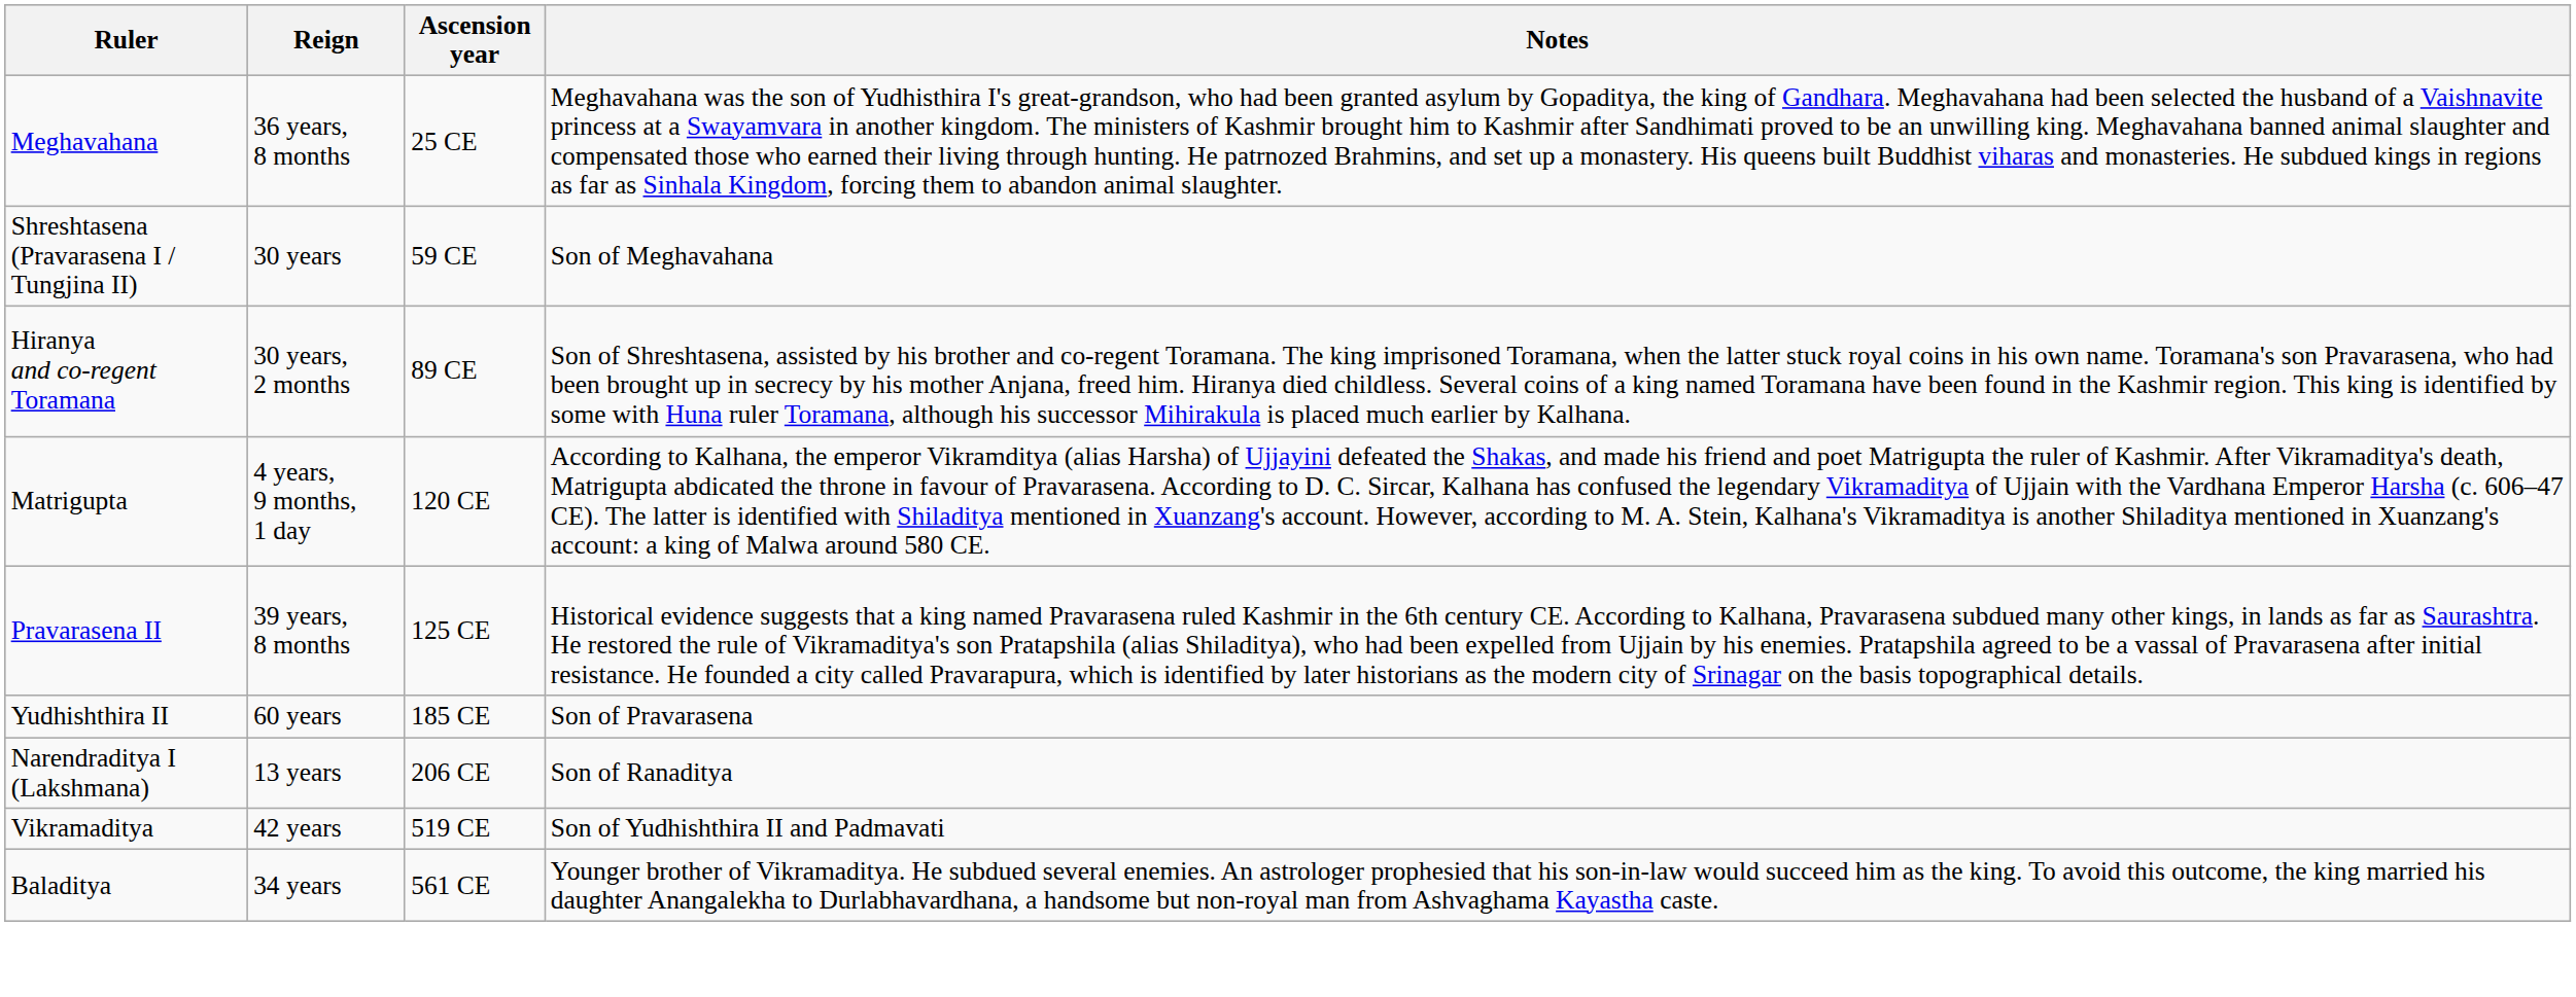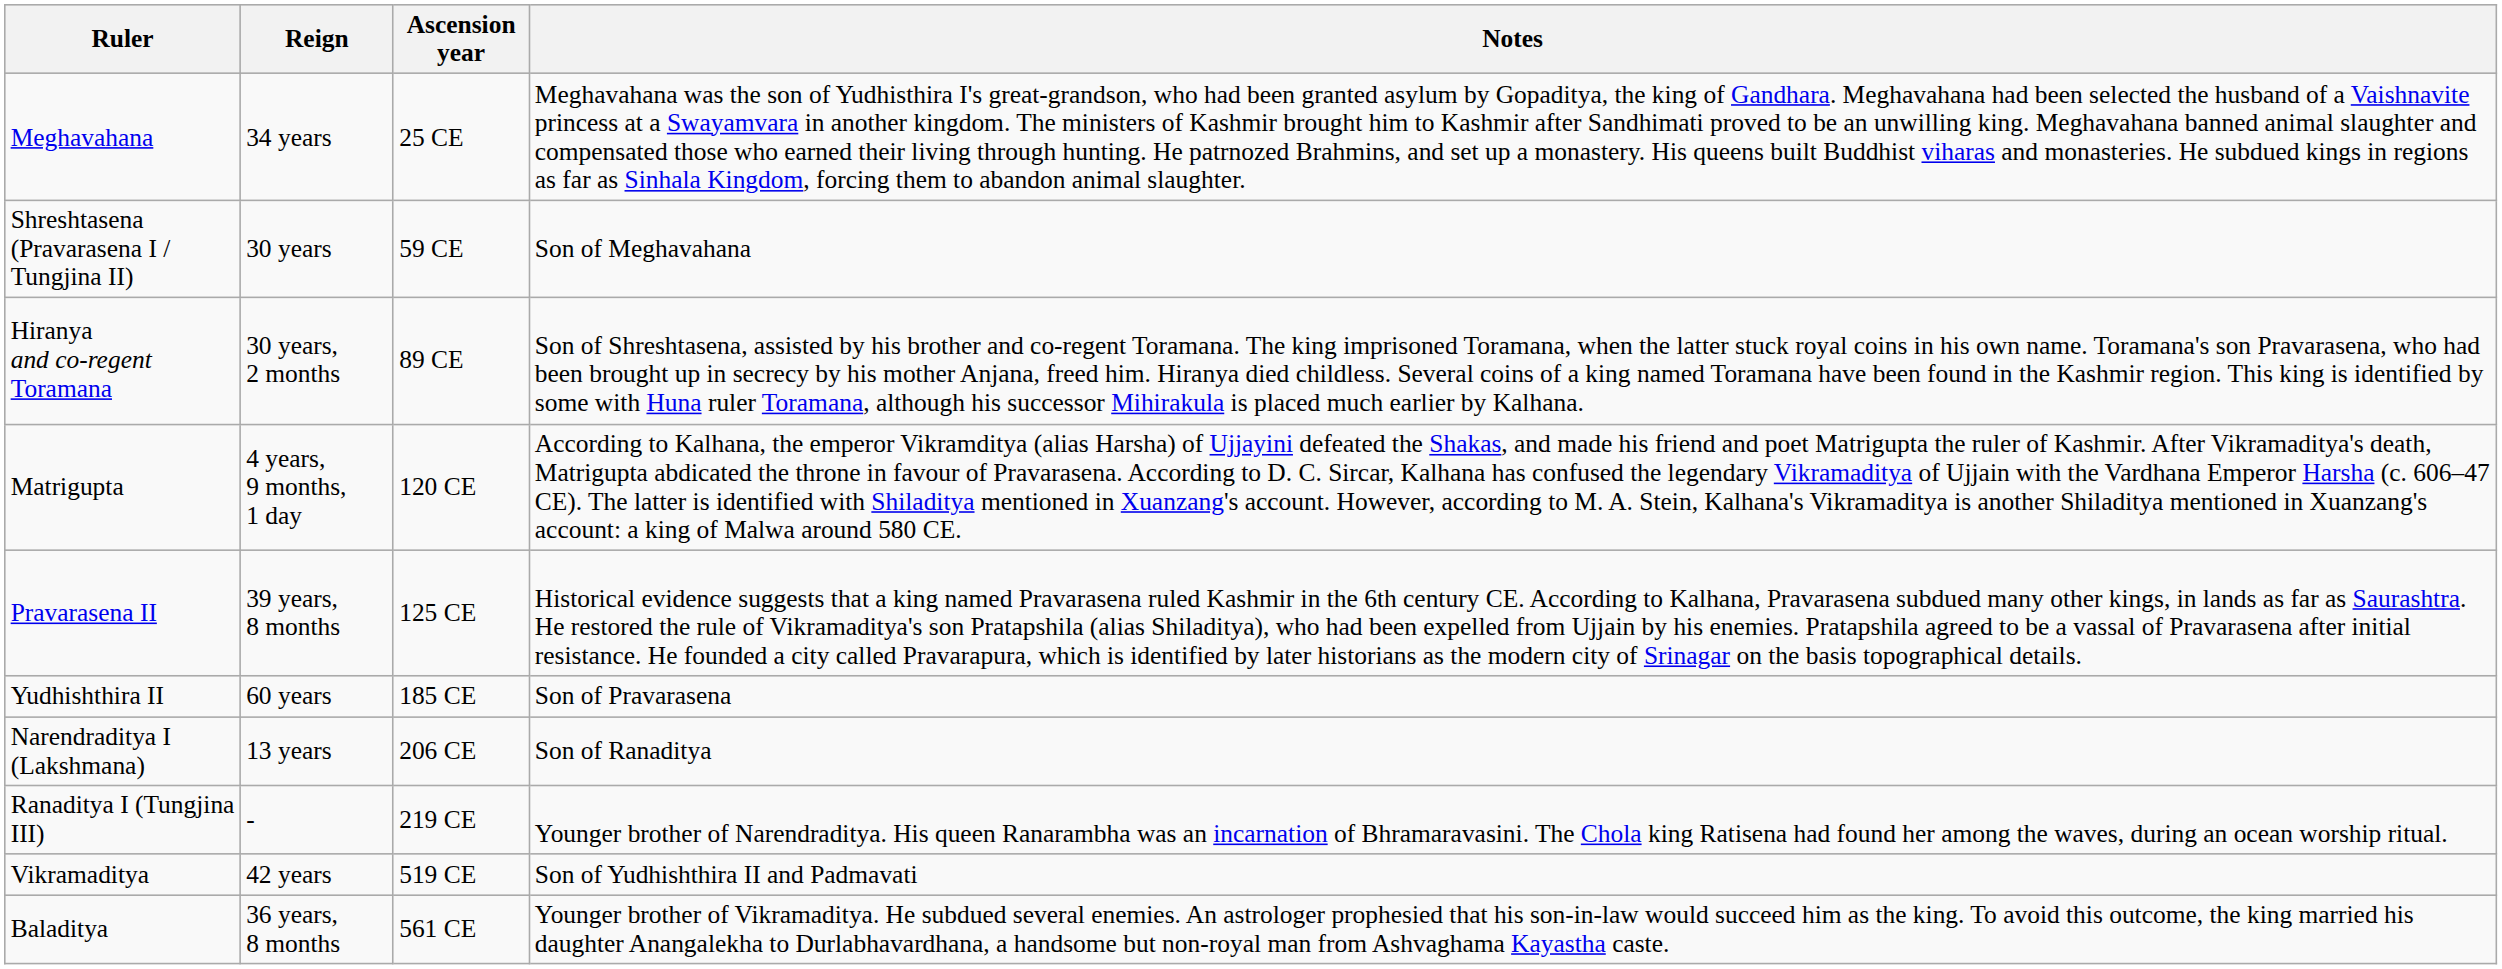 <table class="wikitable">
 <tr>
 <th>Ruler</th>
 <th>Reign</th>
 <th>Ascension year</th>
 <th>Notes</th>
 </tr>
 <tr>
 <td><a href='#'>Meghavahana</a></td>
-<td>36 years, 8 months</td>
+<td>34 years</td>
 <td>25 CE</td>
 <td> Meghavahana was the son of Yudhisthira I's great-grandson, who had been granted asylum by Gopaditya, the king of <a href='#'>Gandhara</a>. Meghavahana had been selected the husband of a <a href='#'>Vaishnavite</a> princess at a <a href='#'>Swayamvara</a> in another kingdom. The ministers of Kashmir brought him to Kashmir after Sandhimati proved to be an unwilling king. Meghavahana banned animal slaughter and compensated those who earned their living through hunting. He patrnozed Brahmins, and set up a monastery. His queens built Buddhist <a href='#'>viharas</a> and monasteries. He subdued kings in regions as far as <a href='#'>Sinhala Kingdom</a>, forcing them to abandon animal slaughter.</td>
 </tr>
 <tr>
 <td>Shreshtasena (Pravarasena I / Tungjina II)</td>
 <td>30 years</td>
 <td>59 CE</td>
 <td>Son of Meghavahana</td>
 </tr>
 <tr>
 <td>Hiranya<br><em>and co-regent</em><br><a href='#'>Toramana</a></td>
 <td>30 years, 2 months</td>
 <td>89 CE</td>
 <td><br>  Son of Shreshtasena, assisted by his brother and co-regent Toramana. The king imprisoned Toramana, when the latter stuck royal coins in his own name. Toramana's son Pravarasena, who had been brought up in secrecy by his mother Anjana, freed him. Hiranya died childless. Several coins of a king named Toramana have been found in the Kashmir region. This king is identified by some with <a href='#'>Huna</a> ruler <a href='#'>Toramana</a>, although his successor <a href='#'>Mihirakula</a> is placed much earlier by Kalhana.</td>
 </tr>
 <tr>
 <td>Matrigupta</td>
 <td>4 years, 9 months, 1 day</td>
 <td>120 CE</td>
 <td>According to Kalhana, the emperor Vikramditya (alias Harsha) of <a href='#'>Ujjayini</a> defeated the <a href='#'>Shakas</a>, and made his friend and poet Matrigupta the ruler of Kashmir. After Vikramaditya's death, Matrigupta abdicated the throne in favour of Pravarasena. According to D. C. Sircar, Kalhana has confused the legendary <a href='#'>Vikramaditya</a> of Ujjain with the Vardhana Emperor <a href='#'>Harsha</a> (c. 606–47 CE). The latter is identified with <a href='#'>Shiladitya</a> mentioned in <a href='#'>Xuanzang</a>'s account. However, according to M. A. Stein, Kalhana's Vikramaditya is another Shiladitya mentioned in Xuanzang's account: a king of Malwa around 580 CE.</td>
 </tr>
 <tr>
 <td><a href='#'>Pravarasena II</a></td>
 <td>39 years, 8 months</td>
 <td>125 CE</td>
 <td><br> Historical evidence suggests that a king named Pravarasena ruled Kashmir in the 6th century CE. According to Kalhana, Pravarasena subdued many other kings, in lands as far as <a href='#'>Saurashtra</a>. He restored the rule of Vikramaditya's son Pratapshila (alias Shiladitya), who had been expelled from Ujjain by his enemies. Pratapshila agreed to be a vassal of Pravarasena after initial resistance. He founded a city called Pravarapura, which is identified by later historians as the modern city of <a href='#'>Srinagar</a> on the basis topographical details.</td>
 </tr>
 <tr>
 <td>Yudhishthira II</td>
 <td>60 years</td>
 <td>185 CE</td>
 <td>Son of Pravarasena</td>
 </tr>
 <tr>
 <td>Narendraditya I (Lakshmana)</td>
 <td>13 years</td>
 <td>206 CE</td>
 <td>Son of Ranaditya</td>
 </tr>
 <tr>
+<td>Ranaditya I (Tungjina III)</td>
+<td>-</td>
+<td>219 CE</td>
+<td><br> Younger brother of Narendraditya. His queen Ranarambha was an <a href='#'>incarnation</a> of Bhramaravasini. The <a href='#'>Chola</a> king Ratisena had found her among the waves, during an ocean worship ritual.</td>
+</tr>
+<tr>
 <td>Vikramaditya</td>
 <td>42 years</td>
 <td>519 CE</td>
 <td>Son of Yudhishthira II and Padmavati</td>
 </tr>
 <tr>
 <td>Baladitya</td>
-<td>34 years</td>
+<td>36 years, 8 months</td>
 <td>561 CE</td>
 <td>Younger brother of Vikramaditya. He subdued several enemies. An astrologer prophesied that his son-in-law would succeed him as the king. To avoid this outcome, the king married his daughter Anangalekha to Durlabhavardhana, a handsome but non-royal man from Ashvaghama <a href='#'>Kayastha</a> caste.</td>
 </tr>
 </table>
